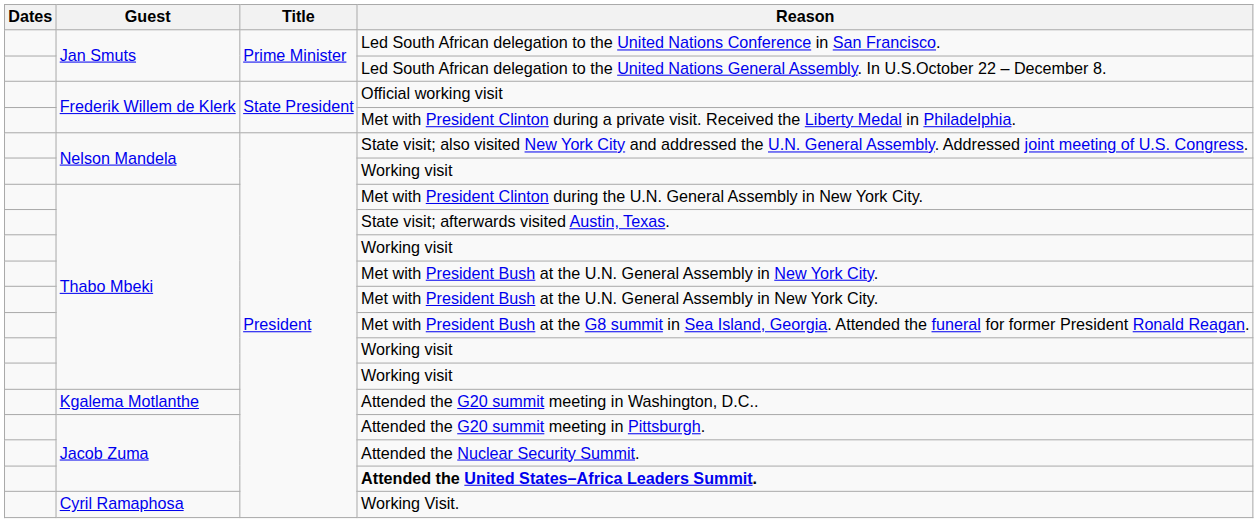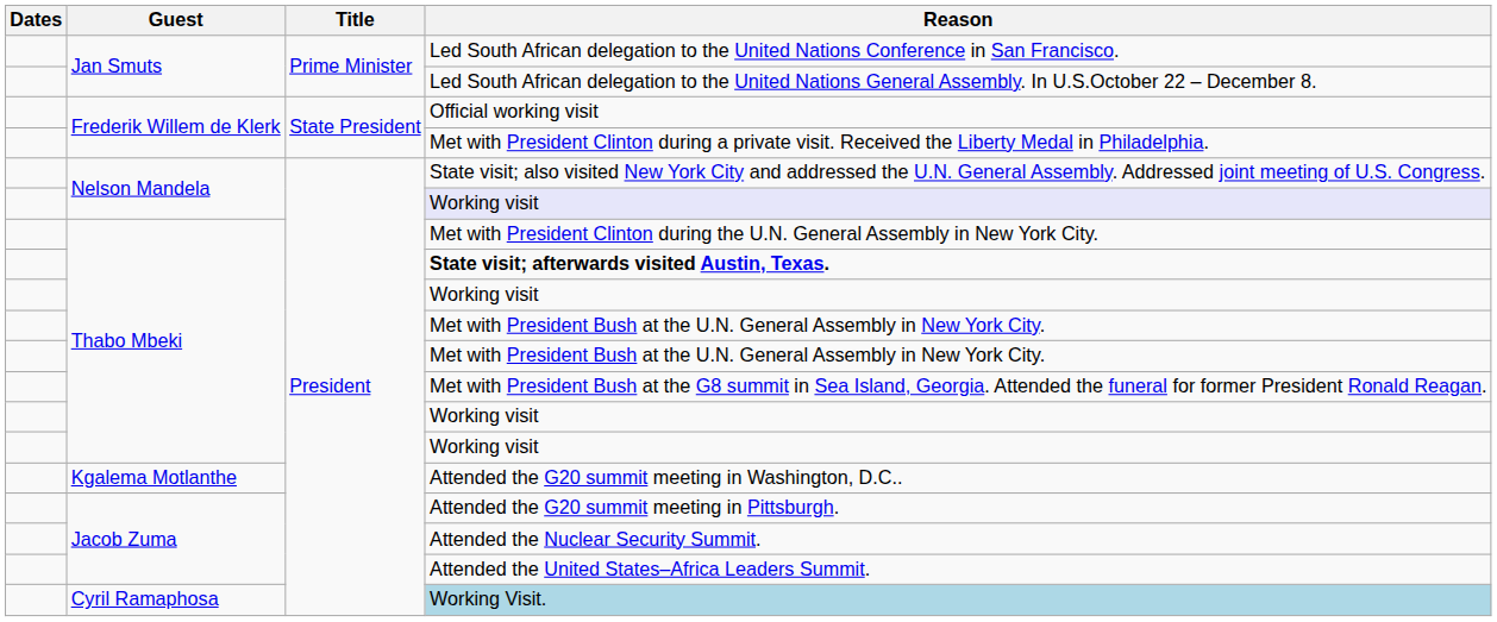 <table class="wikitable sortable">
 <tr>
 <th>Dates</th>
 <th>Guest</th>
 <th>Title</th>
 <th>Reason</th>
 </tr>
 <tr>
 <td></td>
 <td rowspan=2><a href='#'>Jan Smuts</a></td>
 <td rowspan="2"><a href='#'>Prime Minister</a></td>
 <td>Led South African delegation to the <a href='#'>United Nations Conference</a> in <a href='#'>San Francisco</a>.</td>
 </tr>
 <tr>
 <td></td>
 <td>Led South African delegation to the <a href='#'>United Nations General Assembly</a>. In U.S.October 22 – December 8.</td>
 </tr>
 <tr>
 <td></td>
 <td rowspan=2><a href='#'>Frederik Willem de Klerk</a></td>
 <td rowspan=2><a href='#'>State President</a></td>
 <td>Official working visit</td>
 </tr>
 <tr>
 <td></td>
 <td>Met with <a href='#'>President Clinton</a> during a private visit. Received the <a href='#'>Liberty Medal</a> in <a href='#'>Philadelphia</a>.</td>
 </tr>
 <tr>
 <td></td>
 <td rowspan=2><a href='#'>Nelson Mandela</a></td>
 <td rowspan=15><a href='#'>President</a></td>
 <td>State visit; also visited <a href='#'>New York City</a> and addressed the <a href='#'>U.N. General Assembly</a>. Addressed <a href='#'>joint meeting of U.S. Congress</a>.</td>
 </tr>
 <tr>
 <td></td>
-<td>Working visit</td>
+<td style="background: lavender;">Working visit</td>
 </tr>
 <tr>
 <td></td>
 <td rowspan=8><a href='#'>Thabo Mbeki</a></td>
 <td>Met with <a href='#'>President Clinton</a> during the U.N. General Assembly in New York City.</td>
 </tr>
 <tr>
 <td></td>
-<td>State visit; afterwards visited <a href='#'>Austin, Texas</a>.</td>
+<td><strong>State visit; afterwards visited <a href='#'>Austin, Texas</a>.</strong></td>
 </tr>
 <tr>
 <td></td>
 <td>Working visit</td>
 </tr>
 <tr>
 <td></td>
 <td>Met with <a href='#'>President Bush</a> at the U.N. General Assembly in <a href='#'>New York City</a>.</td>
 </tr>
 <tr>
 <td></td>
 <td>Met with <a href='#'>President Bush</a> at the U.N. General Assembly in New York City.</td>
 </tr>
 <tr>
 <td></td>
 <td>Met with <a href='#'>President Bush</a> at the <a href='#'>G8 summit</a> in <a href='#'>Sea Island, Georgia</a>. Attended the <a href='#'>funeral</a> for former President <a href='#'>Ronald Reagan</a>.</td>
 </tr>
 <tr>
 <td></td>
 <td>Working visit</td>
 </tr>
 <tr>
 <td></td>
 <td>Working visit</td>
 </tr>
 <tr>
 <td></td>
 <td><a href='#'>Kgalema Motlanthe</a></td>
 <td>Attended the <a href='#'>G20 summit</a> meeting in Washington, D.C..</td>
 </tr>
 <tr>
 <td></td>
 <td rowspan=3><a href='#'>Jacob Zuma</a></td>
 <td>Attended the <a href='#'>G20 summit</a> meeting in <a href='#'>Pittsburgh</a>.</td>
 </tr>
 <tr>
 <td></td>
 <td>Attended the <a href='#'>Nuclear Security Summit</a>.</td>
 </tr>
 <tr>
 <td></td>
-<td><strong>Attended the <a href='#'>United States–Africa Leaders Summit</a>.</strong></td>
+<td>Attended the <a href='#'>United States–Africa Leaders Summit</a>.</td>
 </tr>
 <tr>
 <td></td>
 <td><a href='#'>Cyril Ramaphosa</a></td>
-<td>Working Visit.</td>
+<td style="background: lightblue;">Working Visit.</td>
 </tr>
 </table>
